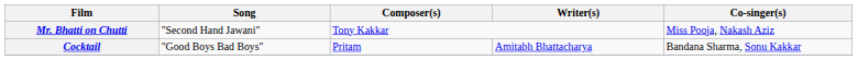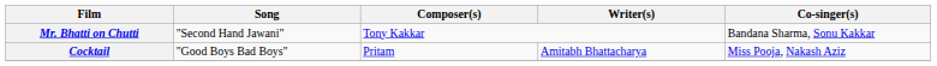 <table class="wikitable plainrowheaders" width="100%">
 <tr>
 <th width=18%>Film</th>
 <th width=20%>Song</th>
 <th width=19%>Composer(s)</th>
 <th width=20%>Writer(s)</th>
 <th width=22%>Co-singer(s)</th>
 </tr>
 <tr>
 <th scope=row><em><a href='#'>Mr. Bhatti on Chutti</a></em></th>
 <td>"Second Hand Jawani"</td>
 <td colspan="2"><a href='#'>Tony Kakkar</a></td>
-<td><a href='#'>Miss Pooja</a>, <a href='#'>Nakash Aziz</a></td>
+<td>Bandana Sharma, <a href='#'>Sonu Kakkar</a></td>
 </tr>
 <tr>
 <th scope=row><em><a href='#'>Cocktail</a></em></th>
 <td>"Good Boys Bad Boys"</td>
 <td><a href='#'>Pritam</a></td>
 <td><a href='#'>Amitabh Bhattacharya</a></td>
-<td>Bandana Sharma, <a href='#'>Sonu Kakkar</a></td>
+<td><a href='#'>Miss Pooja</a>, <a href='#'>Nakash Aziz</a></td>
 </tr>
 <tr>
 </tr>
 </table>
